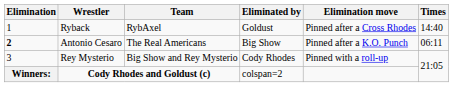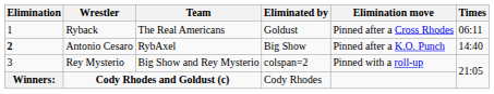 <table class="wikitable" border="1">
 <tr>
 <th>Elimination</th>
 <th>Wrestler</th>
 <th>Team</th>
 <th>Eliminated by</th>
 <th>Elimination move</th>
 <th>Times</th>
 </tr>
 <tr>
 <td>1</td>
 <td>Ryback</td>
-<td>RybAxel</td>
+<td>The Real Americans</td>
 <td>Goldust</td>
 <td>Pinned after a <a href='#'>Cross Rhodes</a></td>
-<td>14:40</td>
+<td>06:11</td>
 </tr>
 <tr>
 <td><strong>2</strong></td>
 <td>Antonio Cesaro</td>
-<td>The Real Americans</td>
+<td>RybAxel</td>
 <td>Big Show</td>
 <td>Pinned after a <a href='#'>K.O. Punch</a></td>
-<td>06:11</td>
+<td>14:40</td>
 </tr>
 <tr>
 <td>3</td>
 <td>Rey Mysterio</td>
 <td>Big Show and Rey Mysterio</td>
-<td>Cody Rhodes</td>
+<td>colspan=2 </td>
 <td>Pinned with a <a href='#'>roll-up</a></td>
 <td rowspan=2>21:05</td>
 </tr>
 <tr>
 <th>Winners:</th>
 <td colspan=2 align=center><strong>Cody Rhodes and Goldust (c)</strong></td>
-<td>colspan=2 </td>
+<td>Cody Rhodes</td>
 </tr>
 </table>
